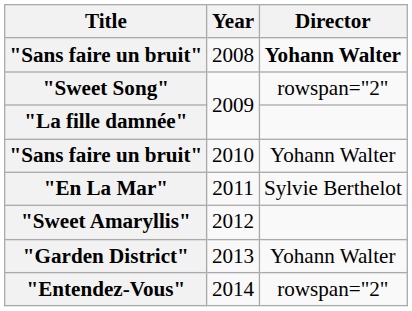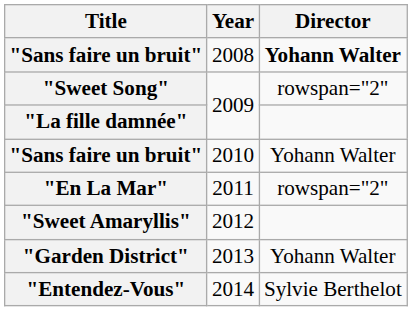 <table class="wikitable plainrowheaders" style="text-align:center">
 <tr>
 <th scope="col">Title</th>
 <th scope="col">Year</th>
 <th scope="col">Director</th>
 </tr>
 <tr>
 <th scope="row">"Sans faire un bruit"</th>
 <td rowspan="1">2008</td>
 <td><strong>Yohann Walter</strong></td>
 </tr>
 <tr>
 <th scope="row">"Sweet Song"</th>
 <td rowspan="2">2009</td>
 <td>rowspan="2" </td>
 </tr>
 <tr>
 <th scope="row">"La fille damnée"</th>
 </tr>
 <tr>
 <th scope="row">"Sans faire un bruit"</th>
 <td rowspan="1">2010</td>
 <td>Yohann Walter</td>
 </tr>
 <tr>
 <th scope="row">"En La Mar"</th>
 <td rowspan="1">2011</td>
-<td>Sylvie Berthelot</td>
+<td>rowspan="2" </td>
 </tr>
 <tr>
 <th scope="row">"Sweet Amaryllis"</th>
 <td rowspan="1">2012</td>
 </tr>
 <tr>
 <th scope="row">"Garden District"</th>
 <td rowspan="1">2013</td>
 <td>Yohann Walter</td>
 </tr>
 <tr>
 <th scope="row">"Entendez-Vous"</th>
 <td rowspan="1">2014</td>
-<td>rowspan="2" </td>
+<td>Sylvie Berthelot</td>
 </tr>
 </table>
